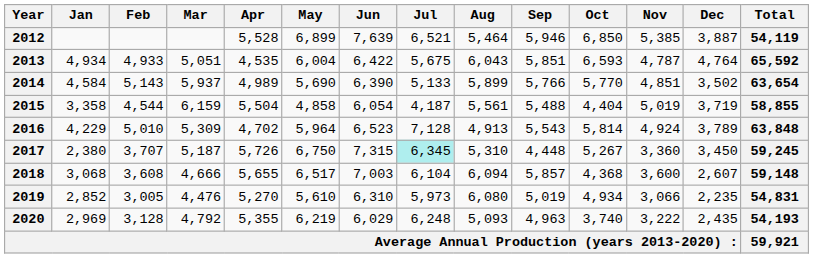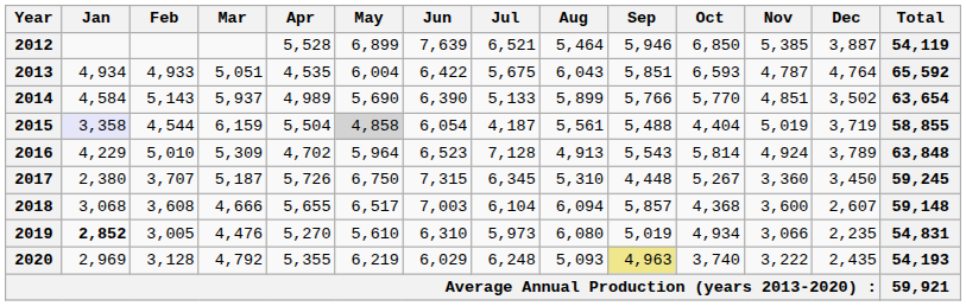 <table class=wikitable style="text-align:right; font-size:0.9em; width:700px;">
 <tr>
 <th>Year</th>
 <th>Jan</th>
 <th>Feb</th>
 <th>Mar</th>
 <th>Apr</th>
 <th>May</th>
 <th>Jun</th>
 <th>Jul</th>
 <th>Aug</th>
 <th>Sep</th>
 <th>Oct</th>
 <th>Nov</th>
 <th>Dec</th>
 <th>Total</th>
 </tr>
 <tr>
 <th>2012</th>
 <td></td>
 <td></td>
 <td></td>
 <td>5,528</td>
 <td>6,899</td>
 <td>7,639</td>
 <td>6,521</td>
 <td>5,464</td>
 <td>5,946</td>
 <td>6,850</td>
 <td>5,385</td>
 <td>3,887</td>
 <th>54,119</th>
 </tr>
 <tr>
 <th>2013</th>
 <td>4,934</td>
 <td>4,933</td>
 <td>5,051</td>
 <td>4,535</td>
 <td>6,004</td>
 <td>6,422</td>
 <td>5,675</td>
 <td>6,043</td>
 <td>5,851</td>
 <td>6,593</td>
 <td>4,787</td>
 <td>4,764</td>
 <th>65,592</th>
 </tr>
 <tr>
 <th>2014</th>
 <td>4,584</td>
 <td>5,143</td>
 <td>5,937</td>
 <td>4,989</td>
 <td>5,690</td>
 <td>6,390</td>
 <td>5,133</td>
 <td>5,899</td>
 <td>5,766</td>
 <td>5,770</td>
 <td>4,851</td>
 <td>3,502</td>
 <th>63,654</th>
 </tr>
 <tr>
 <th>2015</th>
-<td>3,358</td>
+<td style="background: lavender;">3,358</td>
 <td>4,544</td>
 <td>6,159</td>
 <td>5,504</td>
-<td>4,858</td>
+<td style="background: lightgrey;">4,858</td>
 <td>6,054</td>
 <td>4,187</td>
 <td>5,561</td>
 <td>5,488</td>
 <td>4,404</td>
 <td>5,019</td>
 <td>3,719</td>
 <th>58,855</th>
 </tr>
 <tr>
 <th>2016</th>
 <td>4,229</td>
 <td>5,010</td>
 <td>5,309</td>
 <td>4,702</td>
 <td>5,964</td>
 <td>6,523</td>
 <td>7,128</td>
 <td>4,913</td>
 <td>5,543</td>
 <td>5,814</td>
 <td>4,924</td>
 <td>3,789</td>
 <th>63,848</th>
 </tr>
 <tr>
 <th>2017</th>
 <td>2,380</td>
 <td>3,707</td>
 <td>5,187</td>
 <td>5,726</td>
 <td>6,750</td>
 <td>7,315</td>
-<td style="background: paleturquoise;">6,345</td>
+<td>6,345</td>
 <td>5,310</td>
 <td>4,448</td>
 <td>5,267</td>
 <td>3,360</td>
 <td>3,450</td>
 <th>59,245</th>
 </tr>
 <tr>
 <th>2018</th>
 <td>3,068</td>
 <td>3,608</td>
 <td>4,666</td>
 <td>5,655</td>
 <td>6,517</td>
 <td>7,003</td>
 <td>6,104</td>
 <td>6,094</td>
 <td>5,857</td>
 <td>4,368</td>
 <td>3,600</td>
 <td>2,607</td>
 <th>59,148</th>
 </tr>
 <tr>
 <th>2019</th>
-<td>2,852</td>
+<td><strong>2,852</strong></td>
 <td>3,005</td>
 <td>4,476</td>
 <td>5,270</td>
 <td>5,610</td>
 <td>6,310</td>
 <td>5,973</td>
 <td>6,080</td>
 <td>5,019</td>
 <td>4,934</td>
 <td>3,066</td>
 <td>2,235</td>
 <th>54,831</th>
 </tr>
 <tr>
 <th>2020</th>
 <td>2,969</td>
 <td>3,128</td>
 <td>4,792</td>
 <td>5,355</td>
 <td>6,219</td>
 <td>6,029</td>
 <td>6,248</td>
 <td>5,093</td>
-<td>4,963</td>
+<td style="background: khaki;">4,963</td>
 <td>3,740</td>
 <td>3,222</td>
 <td>2,435</td>
 <th>54,193</th>
 </tr>
 <tr>
 <th colspan=13 style="text-align:right">Average Annual Production (years 2013-2020) :</th>
 <th>59,921</th>
 </tr>
 </table>
